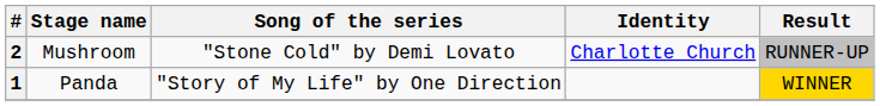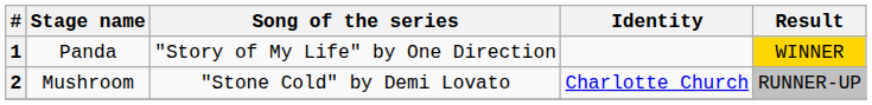 <table class="wikitable plainrowheaders" style="text-align: center;">
 <tr>
 <th>#</th>
 <th>Stage name</th>
 <th>Song of the series</th>
 <th>Identity</th>
 <th>Result</th>
 </tr>
 <tr>
+<th>1</th>
+<td>Panda</td>
+<td>"Story of My Life" by One Direction</td>
+<td></td>
+<td bgcolor=gold>WINNER</td>
+</tr>
+<tr>
 <th>2</th>
 <td>Mushroom</td>
 <td>"Stone Cold" by Demi Lovato</td>
 <td><a href='#'>Charlotte Church</a></td>
 <td bgcolor=silver>RUNNER-UP</td>
 </tr>
 <tr>
-<th>1</th>
-<td>Panda</td>
-<td>"Story of My Life" by One Direction</td>
-<td></td>
-<td bgcolor=gold>WINNER</td>
-</tr>
-<tr>
 </tr>
 </table>
